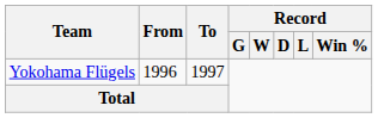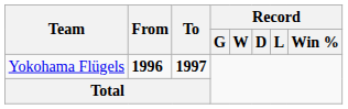 <table class="wikitable" style="text-align: center">
 <tr>
 <th rowspan="2">Team</th>
 <th rowspan="2">From</th>
 <th rowspan="2">To</th>
 <th colspan="5">Record</th>
 </tr>
 <tr>
 <th>G</th>
 <th>W</th>
 <th>D</th>
 <th>L</th>
 <th>Win %</th>
 </tr>
 <tr>
 <td align="left"><a href='#'>Yokohama Flügels</a></td>
-<td align="left">1996</td>
-<td align="left">1997<br></td>
+<td align="left"><strong>1996</strong></td>
+<td align="left"><strong>1997<br></strong></td>
 </tr>
 <tr>
 <th colspan="3">Total<br></th>
 </tr>
 </table>
